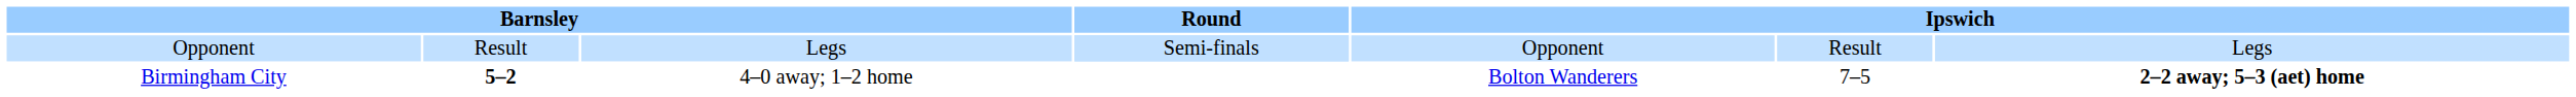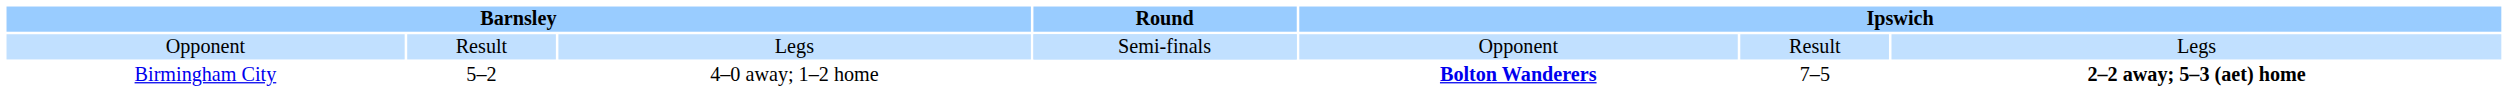 <table width="100%" bgcolor=white>
 <tr valign=top bgcolor=#99ccff>
 <th colspan=3 style="width:1*"><strong>Barnsley</strong></th>
 <th><strong>Round</strong></th>
 <th colspan=3 style="width:1*"><strong>Ipswich</strong></th>
 </tr>
 <tr valign=top align="center" bgcolor=#c1e0ff>
 <td>Opponent</td>
 <td>Result</td>
 <td>Legs</td>
 <td bgcolor=#c1e0ff>Semi-finals</td>
 <td>Opponent</td>
 <td>Result</td>
 <td>Legs</td>
 </tr>
 <tr align="center">
 <td><a href='#'>Birmingham City</a></td>
-<td><strong>5–2</strong></td>
+<td>5–2</td>
 <td>4–0 away; 1–2 home</td>
 <td></td>
-<td><a href='#'>Bolton Wanderers</a></td>
+<td><strong><a href='#'>Bolton Wanderers</a></strong></td>
 <td>7–5</td>
 <td><strong>2–2 away; 5–3 (aet) home</strong></td>
 </tr>
 </table>
